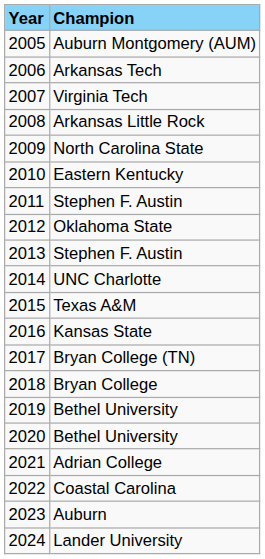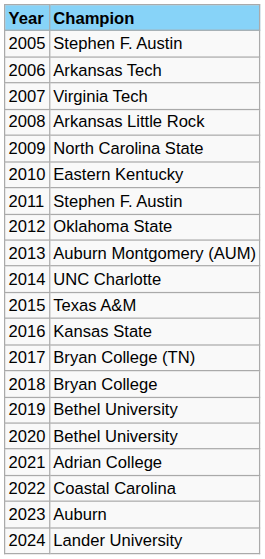 <table class="wikitable" style="font-size:85%;">
 <tr ! style="background-color: #87D3F8;">
 <td><strong>Year</strong></td>
 <td><strong>Champion</strong></td>
 </tr>
 <tr --->
 <td>2005</td>
-<td>Auburn Montgomery (AUM)</td>
+<td>Stephen F. Austin</td>
 </tr>
 <tr --->
 <td>2006</td>
 <td>Arkansas Tech</td>
 </tr>
 <tr --->
 <td>2007</td>
 <td>Virginia Tech</td>
 </tr>
 <tr --->
 <td>2008</td>
 <td>Arkansas Little Rock</td>
 </tr>
 <tr --->
 <td>2009</td>
 <td>North Carolina State</td>
 </tr>
 <tr --->
 <td>2010</td>
 <td>Eastern Kentucky</td>
 </tr>
 <tr --->
 <td>2011</td>
 <td>Stephen F. Austin</td>
 </tr>
 <tr --->
 <td>2012</td>
 <td>Oklahoma State</td>
 </tr>
 <tr --->
 <td>2013</td>
-<td>Stephen F. Austin</td>
+<td>Auburn Montgomery (AUM)</td>
 </tr>
 <tr --->
 <td>2014</td>
 <td>UNC Charlotte</td>
 </tr>
 <tr -->
 <td>2015</td>
 <td>Texas A&M</td>
 </tr>
 <tr -->
 <td>2016</td>
 <td>Kansas State</td>
 </tr>
 <tr -->
 <td>2017</td>
 <td>Bryan College (TN)</td>
 </tr>
 <tr --->
 <td>2018</td>
 <td>Bryan College</td>
 </tr>
 <tr --->
 <td>2019</td>
 <td>Bethel University</td>
 </tr>
 <tr --->
 <td>2020</td>
 <td>Bethel University</td>
 </tr>
 <tr --->
 <td>2021</td>
 <td>Adrian College</td>
 </tr>
 <tr --->
 <td>2022</td>
 <td>Coastal Carolina</td>
 </tr>
 <tr --->
 <td>2023</td>
 <td>Auburn</td>
 </tr>
 <tr --->
 <td>2024</td>
 <td>Lander University</td>
 </tr>
 </table>
